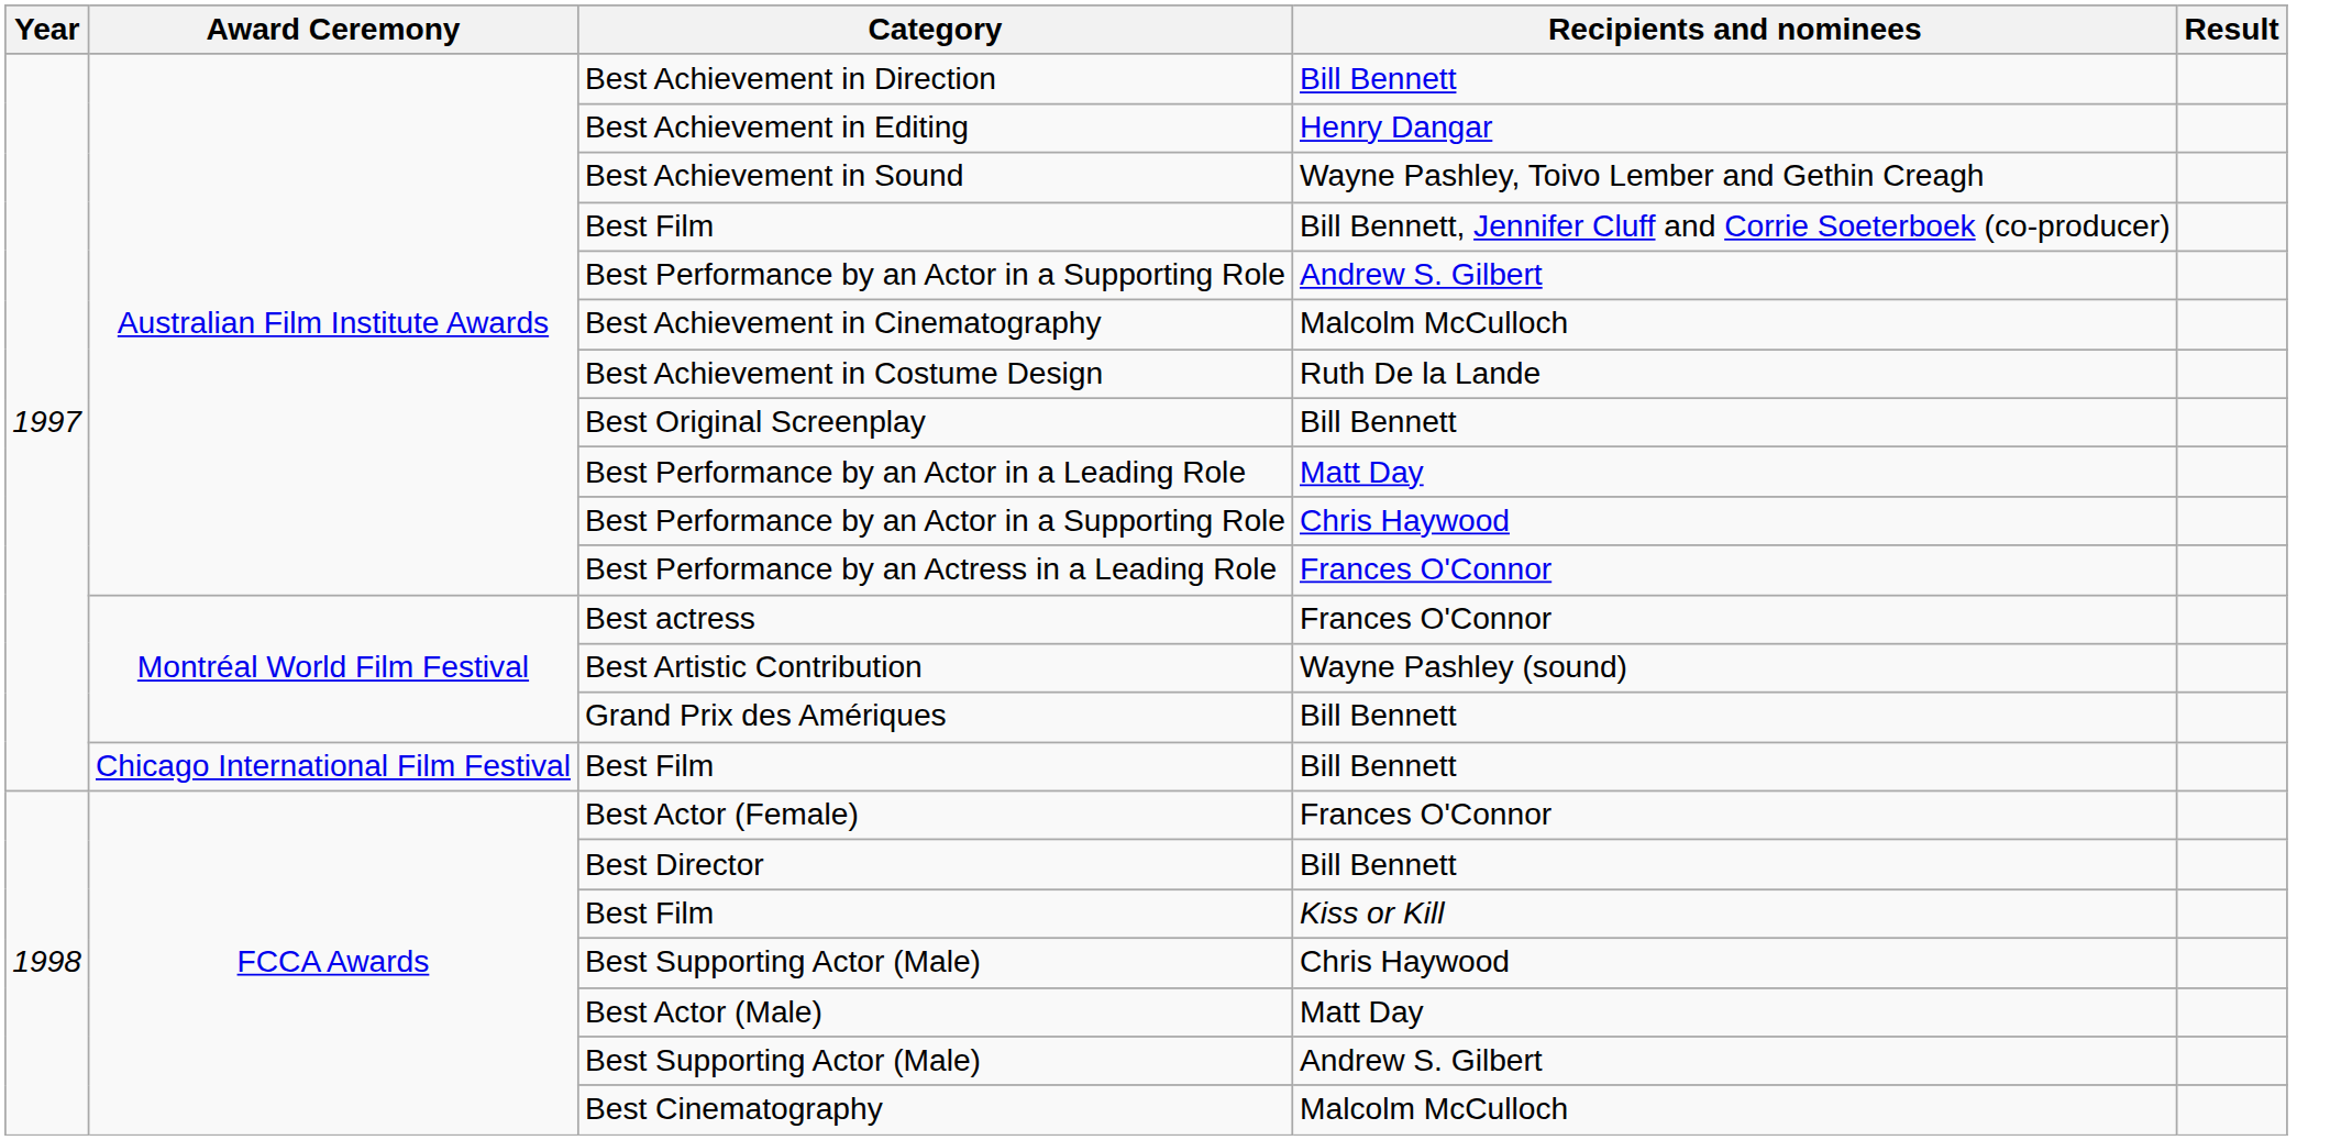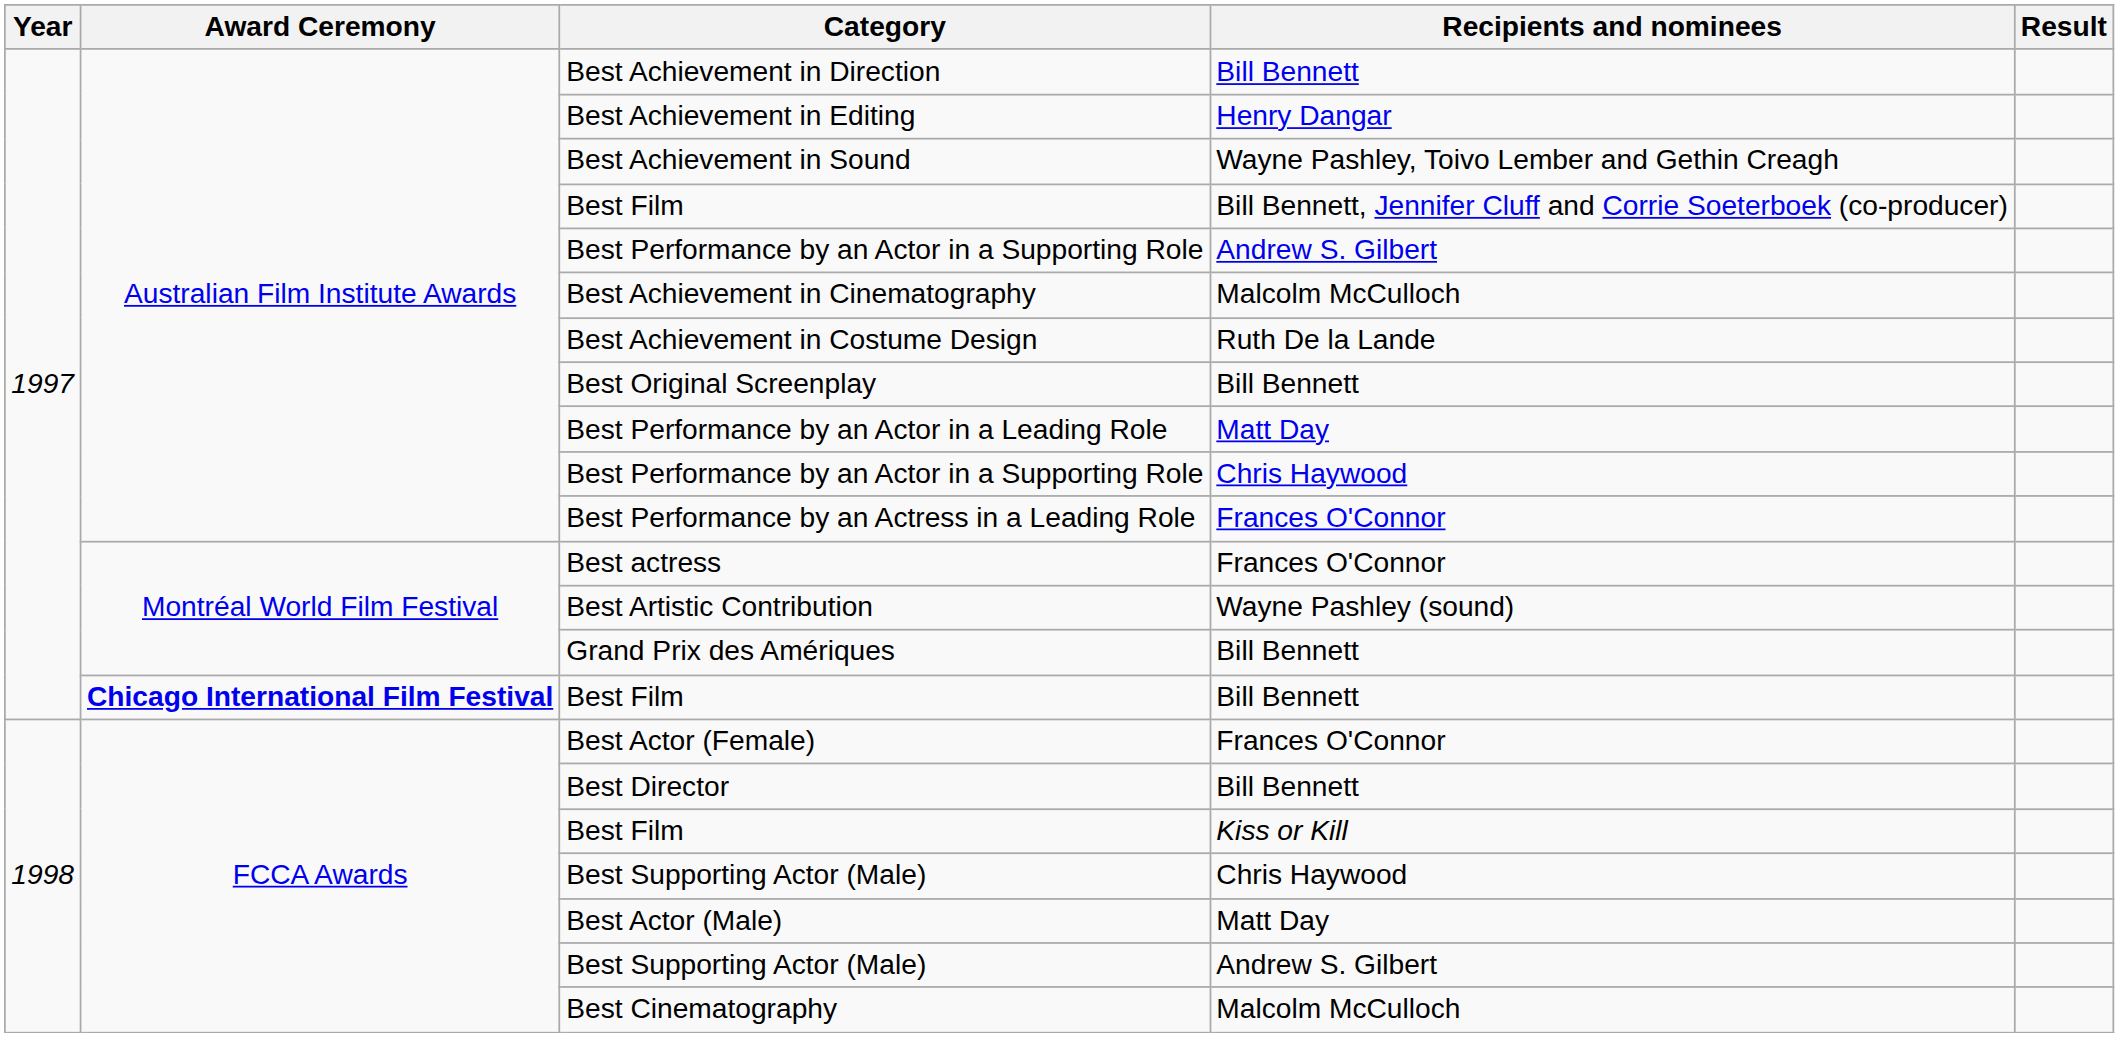 <table class="wikitable">
 <tr>
 <th>Year</th>
 <th>Award Ceremony</th>
 <th>Category</th>
 <th>Recipients and nominees</th>
 <th>Result</th>
 </tr>
 <tr>
 <td rowspan="15"><em>1997</em></td>
 <td rowspan="11" align="center"><a href='#'>Australian Film Institute Awards</a></td>
 <td>Best Achievement in Direction</td>
 <td><a href='#'>Bill Bennett</a></td>
 <td></td>
 </tr>
 <tr>
 <td>Best Achievement in Editing</td>
 <td><a href='#'>Henry Dangar</a></td>
 <td></td>
 </tr>
 <tr>
 <td>Best Achievement in Sound</td>
 <td>Wayne Pashley, Toivo Lember and Gethin Creagh</td>
 <td></td>
 </tr>
 <tr>
 <td>Best Film</td>
 <td>Bill Bennett, <a href='#'>Jennifer Cluff</a> and <a href='#'>Corrie Soeterboek</a> (co-producer)</td>
 <td></td>
 </tr>
 <tr>
 <td>Best Performance by an Actor in a Supporting Role</td>
 <td><a href='#'>Andrew S. Gilbert</a></td>
 <td></td>
 </tr>
 <tr>
 <td>Best Achievement in Cinematography</td>
 <td>Malcolm McCulloch</td>
 <td></td>
 </tr>
 <tr>
 <td>Best Achievement in Costume Design</td>
 <td>Ruth De la Lande</td>
 <td></td>
 </tr>
 <tr>
 <td>Best Original Screenplay</td>
 <td>Bill Bennett</td>
 <td></td>
 </tr>
 <tr>
 <td>Best Performance by an Actor in a Leading Role</td>
 <td><a href='#'>Matt Day</a></td>
 <td></td>
 </tr>
 <tr>
 <td>Best Performance by an Actor in a Supporting Role</td>
 <td><a href='#'>Chris Haywood</a></td>
 <td></td>
 </tr>
 <tr>
 <td>Best Performance by an Actress in a Leading Role</td>
 <td><a href='#'>Frances O'Connor</a></td>
 <td></td>
 </tr>
 <tr>
 <td rowspan="3" align="center"><a href='#'>Montréal World Film Festival</a></td>
 <td>Best actress</td>
 <td>Frances O'Connor</td>
 <td></td>
 </tr>
 <tr>
 <td>Best Artistic Contribution</td>
 <td>Wayne Pashley (sound)</td>
 <td></td>
 </tr>
 <tr>
 <td>Grand Prix des Amériques</td>
 <td>Bill Bennett</td>
 <td></td>
 </tr>
 <tr>
-<td><a href='#'>Chicago International Film Festival</a></td>
+<td><strong><a href='#'>Chicago International Film Festival</a></strong></td>
 <td>Best Film</td>
 <td>Bill Bennett</td>
 <td></td>
 </tr>
 <tr>
 <td rowspan="7"><em>1998</em></td>
 <td rowspan="7" align="center"><a href='#'>FCCA Awards</a></td>
 <td>Best Actor (Female)</td>
 <td>Frances O'Connor</td>
 <td></td>
 </tr>
 <tr>
 <td>Best Director</td>
 <td>Bill Bennett</td>
 <td></td>
 </tr>
 <tr>
 <td>Best Film</td>
 <td><em>Kiss or Kill</em></td>
 <td></td>
 </tr>
 <tr>
 <td>Best Supporting Actor (Male)</td>
 <td>Chris Haywood</td>
 <td></td>
 </tr>
 <tr>
 <td>Best Actor (Male)</td>
 <td>Matt Day</td>
 <td></td>
 </tr>
 <tr>
 <td>Best Supporting Actor (Male)</td>
 <td>Andrew S. Gilbert</td>
 <td></td>
 </tr>
 <tr>
 <td>Best Cinematography</td>
 <td>Malcolm McCulloch</td>
 <td></td>
 </tr>
 </table>
